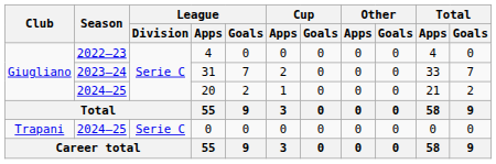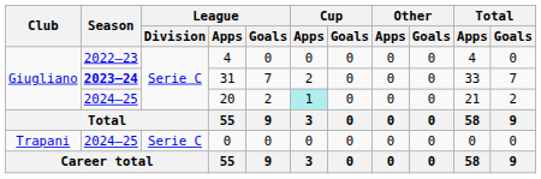 <table class="wikitable" style="text-align: center;">
 <tr>
 <th rowspan="2">Club</th>
 <th rowspan="2">Season</th>
 <th colspan="3">League</th>
 <th colspan="2">Cup</th>
 <th colspan="2">Other</th>
 <th colspan="2">Total</th>
 </tr>
 <tr>
 <th>Division</th>
 <th>Apps</th>
 <th>Goals</th>
 <th>Apps</th>
 <th>Goals</th>
 <th>Apps</th>
 <th>Goals</th>
 <th>Apps</th>
 <th>Goals</th>
 </tr>
 <tr>
 <td rowspan="3"><a href='#'>Giugliano</a></td>
 <td><a href='#'>2022–23</a></td>
 <td rowspan="3"><a href='#'>Serie C</a></td>
 <td>4</td>
 <td>0</td>
 <td>0</td>
 <td>0</td>
 <td>0</td>
 <td>0</td>
 <td>4</td>
 <td>0</td>
 </tr>
 <tr>
-<td><a href='#'>2023–24</a></td>
+<td><strong><a href='#'>2023–24</a></strong></td>
 <td>31</td>
 <td>7</td>
 <td>2</td>
 <td>0</td>
 <td>0</td>
 <td>0</td>
 <td>33</td>
 <td>7</td>
 </tr>
 <tr>
 <td><a href='#'>2024–25</a></td>
 <td>20</td>
 <td>2</td>
-<td>1</td>
+<td style="background: paleturquoise;">1</td>
 <td>0</td>
 <td>0</td>
 <td>0</td>
 <td>21</td>
 <td>2</td>
 </tr>
 <tr>
 <th colspan="3">Total</th>
 <th>55</th>
 <th>9</th>
 <th>3</th>
 <th>0</th>
 <th>0</th>
 <th>0</th>
 <th>58</th>
 <th>9</th>
 </tr>
 <tr>
 <td><a href='#'>Trapani</a></td>
 <td><a href='#'>2024–25</a></td>
 <td><a href='#'>Serie C</a></td>
 <td>0</td>
 <td>0</td>
 <td>0</td>
 <td>0</td>
 <td>0</td>
 <td>0</td>
 <td>0</td>
 <td>0</td>
 </tr>
 <tr>
 <th colspan="3">Career total</th>
 <th>55</th>
 <th>9</th>
 <th>3</th>
 <th>0</th>
 <th>0</th>
 <th>0</th>
 <th>58</th>
 <th>9</th>
 </tr>
 </table>
